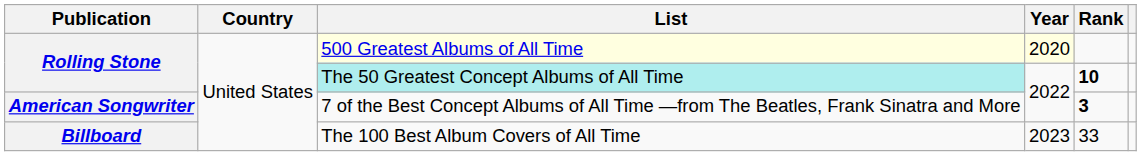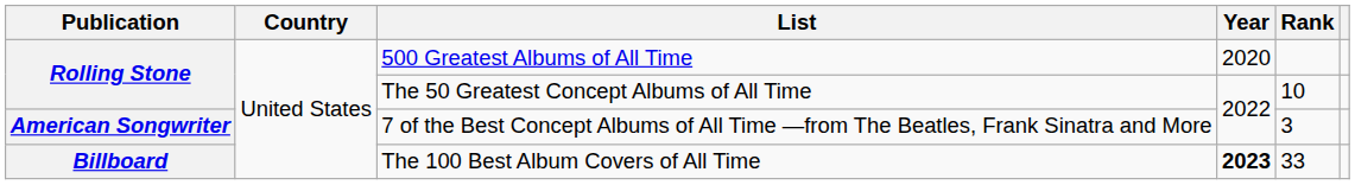 <table class="sortable wikitable">
 <tr>
 <th>Publication</th>
 <th>Country</th>
 <th>List</th>
 <th>Year</th>
 <th>Rank</th>
 <th></th>
 </tr>
 <tr>
 <th rowspan="2"><em><a href='#'>Rolling Stone</a></em></th>
 <td rowspan="4">United States</td>
-<td style="background: lightyellow;"><a href='#'>500 Greatest Albums of All Time</a></td>
-<td style="background: lightyellow;">2020</td>
+<td><a href='#'>500 Greatest Albums of All Time</a></td>
+<td>2020</td>
 <td></td>
 <td></td>
 </tr>
 <tr>
-<td style="background: paleturquoise;">The 50 Greatest Concept Albums of All Time</td>
+<td>The 50 Greatest Concept Albums of All Time</td>
 <td rowspan="2">2022</td>
-<td><strong>10</strong></td>
+<td>10</td>
 <td></td>
 </tr>
 <tr>
 <th><em><a href='#'>American Songwriter</a></em></th>
 <td>7 of the Best Concept Albums of All Time —from The Beatles, Frank Sinatra and More</td>
-<td><strong>3</strong></td>
+<td>3</td>
 <td></td>
 </tr>
 <tr>
 <th><em><a href='#'>Billboard</a></em></th>
 <td>The 100 Best Album Covers of All Time</td>
-<td>2023</td>
+<td><strong>2023</strong></td>
 <td>33</td>
 <td></td>
 </tr>
 </table>
